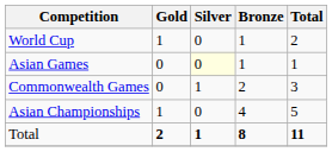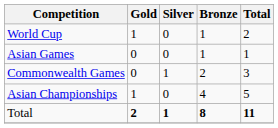 <table class="wikitable sortable">
 <tr>
 <th>Competition</th>
 <th>Gold</th>
 <th>Silver</th>
 <th>Bronze</th>
 <th>Total</th>
 </tr>
 <tr>
 <td><a href='#'>World Cup</a></td>
 <td>1</td>
 <td>0</td>
 <td>1</td>
 <td>2</td>
 </tr>
 <tr>
 <td><a href='#'>Asian Games</a></td>
 <td>0</td>
-<td style="background: lightyellow;">0</td>
+<td>0</td>
 <td>1</td>
 <td>1</td>
 </tr>
 <tr>
 <td><a href='#'>Commonwealth Games</a></td>
 <td>0</td>
 <td>1</td>
 <td>2</td>
 <td>3</td>
 </tr>
 <tr>
 <td><a href='#'> Asian Championships</a></td>
 <td>1</td>
 <td>0</td>
 <td>4</td>
 <td>5</td>
 </tr>
 <tr>
 <td>Total</td>
 <td><strong>2</strong></td>
 <td><strong>1</strong></td>
 <td><strong>8</strong></td>
 <td><strong>11</strong></td>
 </tr>
 <tr>
 </tr>
 </table>
